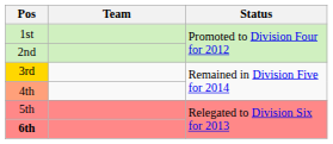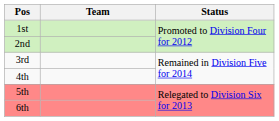 <table class="wikitable">
 <tr>
 <th width=50>Pos</th>
 <th width=175>Team</th>
 <th width=181>Status</th>
 </tr>
 <tr style="background:#D0F0C0;">
 <td style="text-align:center;">1st</td>
 <td></td>
 <td rowspan=2>Promoted to <a href='#'>Division Four for 2012</a></td>
 </tr>
 <tr style="background:#D0F0C0;">
 <td style="text-align:center;">2nd</td>
 <td></td>
 </tr>
 <tr>
-<td style="background: gold; text-align:center;">3rd</td>
+<td style="text-align:center;">3rd</td>
 <td></td>
 <td rowspan=2>Remained in <a href='#'>Division Five for 2014</a></td>
 </tr>
 <tr>
-<td style="background: lightsalmon; text-align:center;">4th</td>
+<td style="text-align:center;">4th</td>
 <td></td>
 </tr>
 <tr style="background:#FF8888;">
 <td style="text-align:center;">5th</td>
 <td></td>
 <td rowspan=2>Relegated to <a href='#'>Division Six for 2013</a></td>
 </tr>
 <tr style="background:#FF8888;">
-<td style="text-align:center;"><strong>6th</strong></td>
+<td style="text-align:center;">6th</td>
 <td></td>
 </tr>
 </table>
